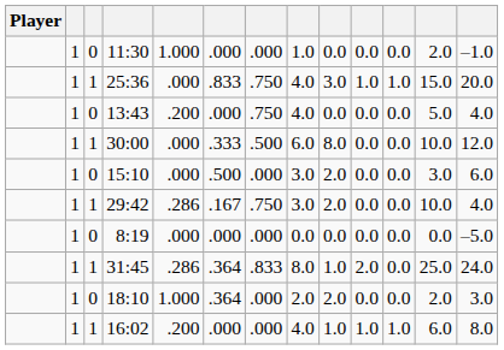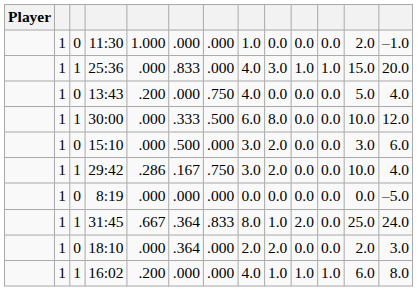 <table class="wikitable sortable" style="font-size:95%; text-align:right;">
 <tr>
 <th>Player</th>
 <th></th>
 <th></th>
 <th></th>
 <th></th>
 <th></th>
 <th></th>
 <th></th>
 <th></th>
 <th></th>
 <th></th>
 <th></th>
 <th></th>
 </tr>
 <tr>
 <td></td>
 <td>1</td>
 <td>0</td>
 <td>11:30</td>
 <td>1.000</td>
 <td>.000</td>
 <td>.000</td>
 <td>1.0</td>
 <td>0.0</td>
 <td>0.0</td>
 <td>0.0</td>
 <td>2.0</td>
 <td>–1.0</td>
 </tr>
 <tr>
 <td></td>
 <td>1</td>
 <td>1</td>
 <td>25:36</td>
 <td>.000</td>
 <td>.833</td>
-<td>.750</td>
+<td>.000</td>
 <td>4.0</td>
 <td>3.0</td>
 <td>1.0</td>
 <td>1.0</td>
 <td>15.0</td>
 <td>20.0</td>
 </tr>
 <tr>
 <td></td>
 <td>1</td>
 <td>0</td>
 <td>13:43</td>
 <td>.200</td>
 <td>.000</td>
 <td>.750</td>
 <td>4.0</td>
 <td>0.0</td>
 <td>0.0</td>
 <td>0.0</td>
 <td>5.0</td>
 <td>4.0</td>
 </tr>
 <tr>
 <td></td>
 <td>1</td>
 <td>1</td>
 <td>30:00</td>
 <td>.000</td>
 <td>.333</td>
 <td>.500</td>
 <td>6.0</td>
 <td>8.0</td>
 <td>0.0</td>
 <td>0.0</td>
 <td>10.0</td>
 <td>12.0</td>
 </tr>
 <tr>
 <td></td>
 <td>1</td>
 <td>0</td>
 <td>15:10</td>
 <td>.000</td>
 <td>.500</td>
 <td>.000</td>
 <td>3.0</td>
 <td>2.0</td>
 <td>0.0</td>
 <td>0.0</td>
 <td>3.0</td>
 <td>6.0</td>
 </tr>
 <tr>
 <td></td>
 <td>1</td>
 <td>1</td>
 <td>29:42</td>
 <td>.286</td>
 <td>.167</td>
 <td>.750</td>
 <td>3.0</td>
 <td>2.0</td>
 <td>0.0</td>
 <td>0.0</td>
 <td>10.0</td>
 <td>4.0</td>
 </tr>
 <tr>
 <td></td>
 <td>1</td>
 <td>0</td>
 <td>8:19</td>
 <td>.000</td>
 <td>.000</td>
 <td>.000</td>
 <td>0.0</td>
 <td>0.0</td>
 <td>0.0</td>
 <td>0.0</td>
 <td>0.0</td>
 <td>–5.0</td>
 </tr>
 <tr>
 <td></td>
 <td>1</td>
 <td>1</td>
 <td>31:45</td>
-<td>.286</td>
+<td>.667</td>
 <td>.364</td>
 <td>.833</td>
 <td>8.0</td>
 <td>1.0</td>
 <td>2.0</td>
 <td>0.0</td>
 <td>25.0</td>
 <td>24.0</td>
 </tr>
 <tr>
 <td></td>
 <td>1</td>
 <td>0</td>
 <td>18:10</td>
-<td>1.000</td>
+<td>.000</td>
 <td>.364</td>
 <td>.000</td>
 <td>2.0</td>
 <td>2.0</td>
 <td>0.0</td>
 <td>0.0</td>
 <td>2.0</td>
 <td>3.0</td>
 </tr>
 <tr>
 <td></td>
 <td>1</td>
 <td>1</td>
 <td>16:02</td>
 <td>.200</td>
 <td>.000</td>
 <td>.000</td>
 <td>4.0</td>
 <td>1.0</td>
 <td>1.0</td>
 <td>1.0</td>
 <td>6.0</td>
 <td>8.0</td>
 </tr>
 </table>
